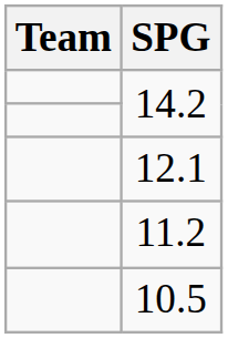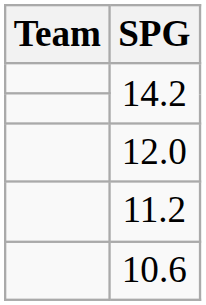 <table class=wikitable>
 <tr>
 <th>Team</th>
 <th>SPG</th>
 </tr>
 <tr>
 <td></td>
 <td align=center rowspan=2>14.2</td>
 </tr>
 <tr>
 <td></td>
 </tr>
 <tr>
 <td></td>
-<td align=center>12.1</td>
+<td align=center>12.0</td>
 </tr>
 <tr>
 <td></td>
 <td align=center>11.2</td>
 </tr>
 <tr>
 <td></td>
-<td align=center>10.5</td>
+<td align=center>10.6</td>
 </tr>
 </table>
